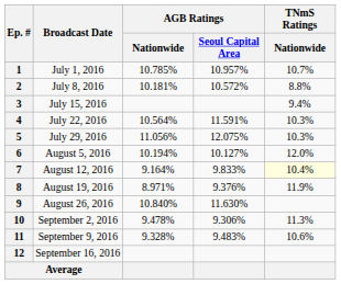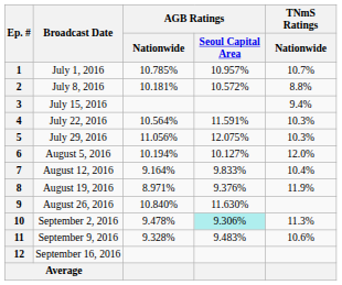 <table class="wikitable sortable" style="text-align:center;">
 <tr>
 <th rowspan=2>Ep. #</th>
 <th rowspan="2">Broadcast Date</th>
 <th colspan=2>AGB Ratings</th>
 <th>TNmS Ratings</th>
 </tr>
 <tr>
 <th width=100>Nationwide</th>
 <th width=100><a href='#'>Seoul Capital Area</a></th>
 <th width=100>Nationwide</th>
 </tr>
 <tr>
 <th>1</th>
 <td>July 1, 2016</td>
 <td>10.785%</td>
 <td>10.957%</td>
 <td>10.7%</td>
 </tr>
 <tr>
 <th>2</th>
 <td>July 8, 2016</td>
 <td>10.181%</td>
 <td>10.572%</td>
 <td>8.8%</td>
 </tr>
 <tr>
 <th>3</th>
 <td>July 15, 2016</td>
 <td></td>
 <td></td>
 <td>9.4%</td>
 </tr>
 <tr>
 <th>4</th>
 <td>July 22, 2016</td>
 <td>10.564%</td>
 <td>11.591%</td>
 <td>10.3%</td>
 </tr>
 <tr>
 <th>5</th>
 <td>July 29, 2016</td>
 <td>11.056%</td>
 <td>12.075%</td>
 <td>10.3%</td>
 </tr>
 <tr>
 <th>6</th>
 <td>August 5, 2016</td>
 <td>10.194%</td>
 <td>10.127%</td>
 <td>12.0%</td>
 </tr>
 <tr>
 <th>7</th>
 <td>August 12, 2016</td>
 <td>9.164%</td>
 <td>9.833%</td>
-<td style="background: lightyellow;">10.4%</td>
+<td>10.4%</td>
 </tr>
 <tr>
 <th>8</th>
 <td>August 19, 2016</td>
 <td>8.971%</td>
 <td>9.376%</td>
 <td>11.9%</td>
 </tr>
 <tr>
 <th>9</th>
 <td>August 26, 2016</td>
 <td>10.840%</td>
 <td>11.630%</td>
 <td></td>
 </tr>
 <tr>
 <th>10</th>
 <td>September 2, 2016</td>
 <td>9.478%</td>
-<td>9.306%</td>
+<td style="background: paleturquoise;">9.306%</td>
 <td>11.3%</td>
 </tr>
 <tr>
 <th>11</th>
 <td>September 9, 2016</td>
 <td>9.328%</td>
 <td>9.483%</td>
 <td>10.6%</td>
 </tr>
 <tr>
 <th>12</th>
 <td>September 16, 2016</td>
 <td></td>
 <td></td>
 <td></td>
 </tr>
 <tr>
 <th colspan="2">Average</th>
 <th></th>
 <th></th>
 <th></th>
 </tr>
 </table>
